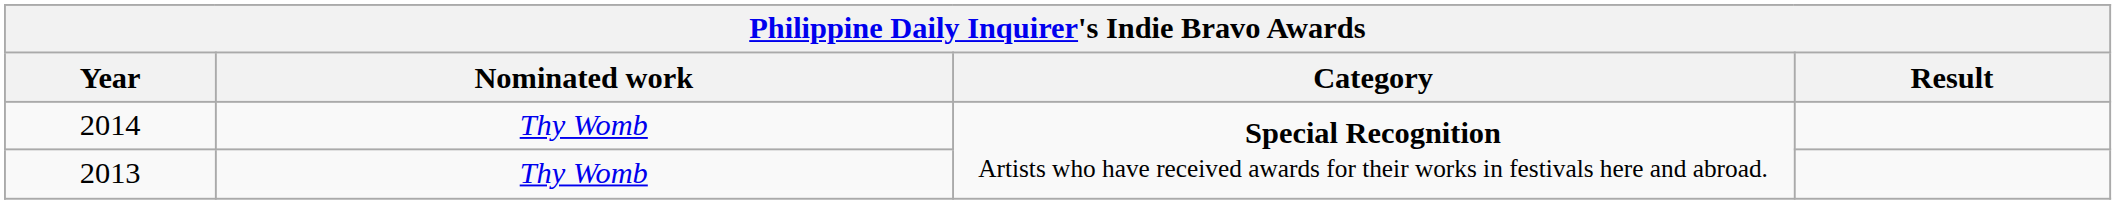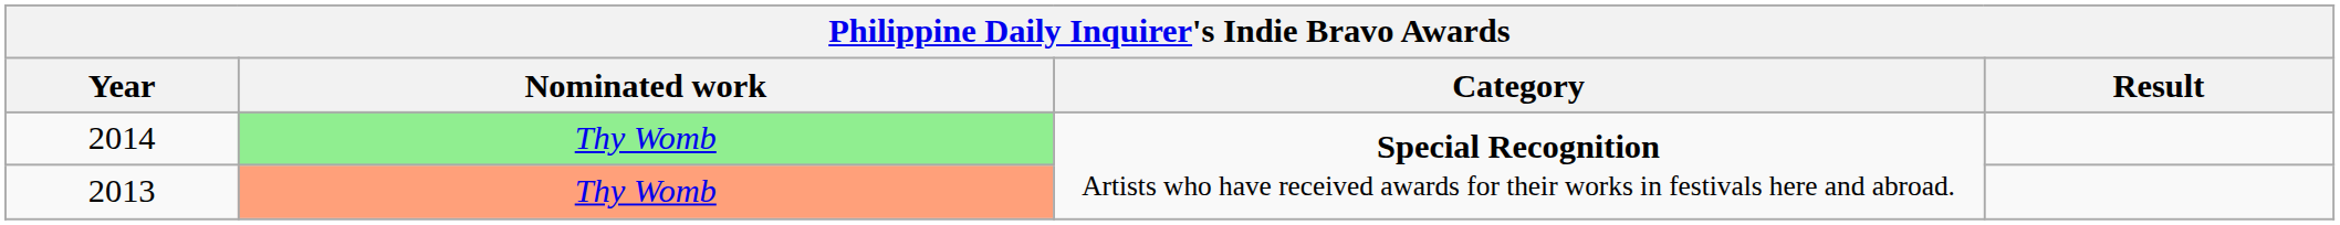 <table width="70%" class="wikitable sortable">
 <tr>
 <th colspan="4" align="center"><a href='#'>Philippine Daily Inquirer</a>'s <strong>Indie Bravo Awards </strong></th>
 </tr>
 <tr>
 <th width="10%">Year</th>
 <th width="35%">Nominated work</th>
 <th width="40%">Category</th>
 <th width="15%">Result</th>
 </tr>
 <tr>
 <td align="center">2014</td>
-<td align="center"><em><a href='#'>Thy Womb</a></em></td>
+<td align="center" style="background: lightgreen;"><em><a href='#'>Thy Womb</a></em></td>
 <td rowspan= 2 align="center"><strong>Special Recognition</strong><br><small>Artists who have received awards for their works in festivals here and abroad.</small></td>
 <td></td>
 </tr>
 <tr>
 <td align="center">2013</td>
-<td align="center"><em><a href='#'>Thy Womb</a></em></td>
+<td align="center" style="background: lightsalmon;"><em><a href='#'>Thy Womb</a></em></td>
 <td></td>
 </tr>
 </table>
